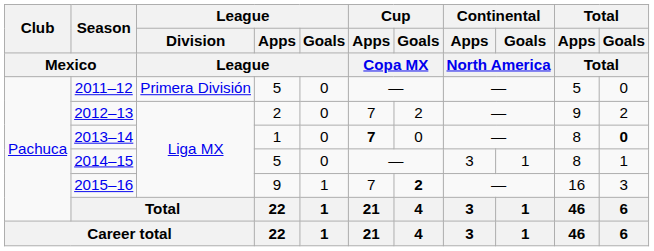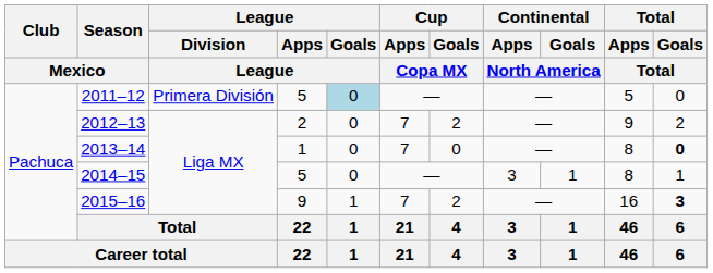 <table class="wikitable" style="text-align:center">
 <tr>
 <th rowspan="2">Club</th>
 <th rowspan="2">Season</th>
 <th colspan="3">League</th>
 <th colspan="2">Cup</th>
 <th colspan="2">Continental</th>
 <th colspan="2">Total</th>
 </tr>
 <tr>
 <th>Division</th>
 <th>Apps</th>
 <th>Goals</th>
 <th>Apps</th>
 <th>Goals</th>
 <th>Apps</th>
 <th>Goals</th>
 <th>Apps</th>
 <th>Goals</th>
 </tr>
 <tr>
 <th colspan="2">Mexico</th>
 <th colspan="3">League</th>
 <th colspan="2"><a href='#'>Copa MX</a></th>
 <th colspan="2"><a href='#'>North America</a></th>
 <th colspan="2">Total</th>
 </tr>
 <tr>
 <td rowspan="6"><a href='#'>Pachuca</a></td>
 <td><a href='#'>2011–12</a></td>
 <td rowspan="1"><a href='#'>Primera División</a></td>
 <td>5</td>
-<td>0</td>
+<td style="background: lightblue;">0</td>
 <td colspan="2">—</td>
 <td colspan="2">—</td>
 <td>5</td>
 <td>0</td>
 </tr>
 <tr>
 <td><a href='#'>2012–13</a></td>
 <td rowspan="4"><a href='#'>Liga MX</a></td>
 <td>2</td>
 <td>0</td>
 <td>7</td>
 <td>2</td>
 <td colspan="2">—</td>
 <td>9</td>
 <td>2</td>
 </tr>
 <tr>
 <td><a href='#'>2013–14</a></td>
 <td>1</td>
 <td>0</td>
-<td><strong>7</strong></td>
+<td>7</td>
 <td>0</td>
 <td colspan="2">—</td>
 <td>8</td>
 <td><strong>0</strong></td>
 </tr>
 <tr>
 <td><a href='#'>2014–15</a></td>
 <td>5</td>
 <td>0</td>
 <td colspan="2">—</td>
 <td>3</td>
 <td>1</td>
 <td>8</td>
 <td>1</td>
 </tr>
 <tr>
 <td><a href='#'>2015–16</a></td>
 <td>9</td>
 <td>1</td>
 <td>7</td>
-<td><strong>2</strong></td>
+<td>2</td>
 <td colspan="2">—</td>
 <td>16</td>
-<td>3</td>
+<td><strong>3</strong></td>
 </tr>
 <tr>
 <th colspan="2">Total</th>
 <th>22</th>
 <th>1</th>
 <th>21</th>
 <th>4</th>
 <th>3</th>
 <th>1</th>
 <th>46</th>
 <th>6</th>
 </tr>
 <tr>
 <th colspan="3">Career total</th>
 <th>22</th>
 <th>1</th>
 <th>21</th>
 <th>4</th>
 <th>3</th>
 <th>1</th>
 <th>46</th>
 <th>6</th>
 </tr>
 </table>
